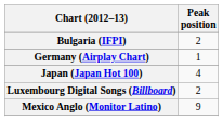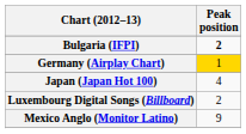 <table class="wikitable sortable plainrowheaders">
 <tr>
 <th>Chart (2012–13)</th>
 <th>Peak<br>position</th>
 </tr>
 <tr>
 </tr>
 <tr>
 </tr>
 <tr>
 </tr>
 <tr>
 </tr>
 <tr>
 <th scope="row">Bulgaria (<a href='#'>IFPI</a>)</th>
-<td style="text-align:center;">2</td>
+<td style="text-align:center;"><strong>2</strong></td>
 </tr>
 <tr>
 </tr>
 <tr>
 </tr>
 <tr>
 </tr>
 <tr>
 </tr>
 <tr>
 </tr>
 <tr>
 </tr>
 <tr>
 </tr>
 <tr>
 </tr>
 <tr>
 </tr>
 <tr>
 <th scope="row">Germany (<a href='#'>Airplay Chart</a>)</th>
-<td style="text-align:center;">1</td>
+<td style="background: gold; text-align:center;">1</td>
 </tr>
 <tr>
 </tr>
 <tr>
 </tr>
 <tr>
 </tr>
 <tr>
 </tr>
 <tr>
 <th scope="row">Japan (<a href='#'>Japan Hot 100</a>)</th>
 <td style="text-align:center;">4</td>
 </tr>
 <tr>
 <th scope="row">Luxembourg Digital Songs (<em><a href='#'>Billboard</a></em>)</th>
 <td align="center">2</td>
 </tr>
 <tr>
 <th scope="row">Mexico Anglo (<a href='#'>Monitor Latino</a>)</th>
 <td align="center">9</td>
 </tr>
 <tr>
 </tr>
 <tr>
 </tr>
 <tr>
 </tr>
 <tr>
 </tr>
 <tr>
 </tr>
 <tr>
 </tr>
 <tr>
 </tr>
 <tr>
 </tr>
 <tr>
 </tr>
 <tr>
 </tr>
 <tr>
 </tr>
 <tr>
 </tr>
 <tr>
 </tr>
 </table>
